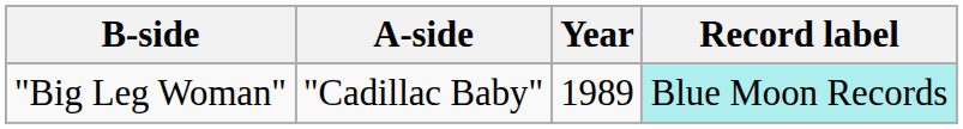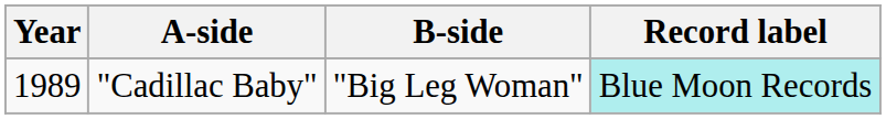 <table class="wikitable sortable">
 <tr>
+<th>Year</th>
+<th>A-side</th>
 <th>B-side</th>
-<th>A-side</th>
-<th>Year</th>
 <th>Record label</th>
 </tr>
 <tr>
+<td>1989</td>
+<td>"Cadillac Baby"</td>
 <td>"Big Leg Woman"</td>
-<td>"Cadillac Baby"</td>
-<td>1989</td>
 <td style="background: paleturquoise; text-align:center;">Blue Moon Records</td>
 </tr>
 </table>
